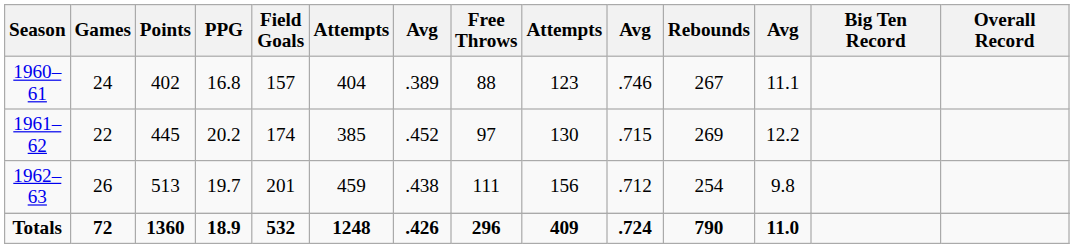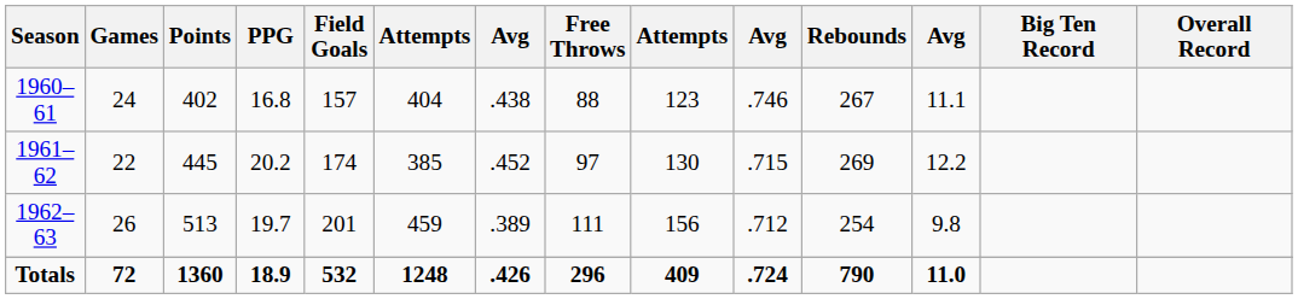 <table class="wikitable sortable" style="text-align:center">
 <tr>
 <th width=40px>Season</th>
 <th width=40px>Games</th>
 <th width=40px>Points</th>
 <th width=40px>PPG</th>
 <th width=40px>Field Goals</th>
 <th width=40px>Attempts</th>
 <th width=40px>Avg</th>
 <th width=40px>Free Throws</th>
 <th width=40px>Attempts</th>
 <th width=40px>Avg</th>
 <th width=40px>Rebounds</th>
 <th width=40px>Avg</th>
 <th width=100px>Big Ten <br>Record</th>
 <th width=100px>Overall <br>Record</th>
 </tr>
 <tr>
 <td><a href='#'>1960–61</a></td>
 <td>24</td>
 <td>402</td>
 <td>16.8</td>
 <td>157</td>
 <td>404</td>
-<td>.389</td>
+<td>.438</td>
 <td>88</td>
 <td>123</td>
 <td>.746</td>
 <td>267</td>
 <td>11.1</td>
 <td></td>
 <td></td>
 </tr>
 <tr>
 <td><a href='#'>1961–62</a></td>
 <td>22</td>
 <td>445</td>
 <td>20.2</td>
 <td>174</td>
 <td>385</td>
 <td>.452</td>
 <td>97</td>
 <td>130</td>
 <td>.715</td>
 <td>269</td>
 <td>12.2</td>
 <td></td>
 <td></td>
 </tr>
 <tr>
 <td><a href='#'>1962–63</a></td>
 <td>26</td>
 <td>513</td>
 <td>19.7</td>
 <td>201</td>
 <td>459</td>
-<td>.438</td>
+<td>.389</td>
 <td>111</td>
 <td>156</td>
 <td>.712</td>
 <td>254</td>
 <td>9.8</td>
 <td></td>
 <td></td>
 </tr>
 <tr>
 </tr>
 <tr class="sortbottom">
 <td><strong>Totals</strong></td>
 <td><strong>72</strong></td>
 <td><strong>1360</strong></td>
 <td><strong>18.9</strong></td>
 <td><strong>532</strong></td>
 <td><strong>1248</strong></td>
 <td><strong>.426</strong></td>
 <td><strong>296</strong></td>
 <td><strong>409</strong></td>
 <td><strong>.724</strong></td>
 <td><strong>790</strong></td>
 <td><strong>11.0</strong></td>
 <td><strong></strong></td>
 <td><strong></strong></td>
 </tr>
 </table>
